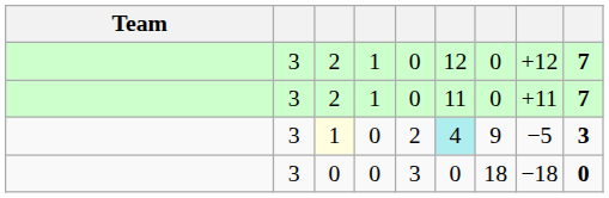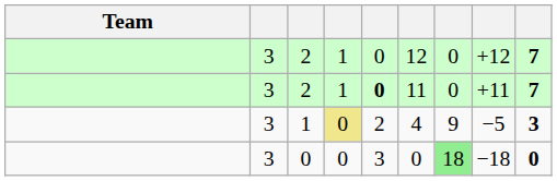 <table class="wikitable" style="text-align: center;">
 <tr>
 <th width="175">Team</th>
 <th width="20"></th>
 <th width="20"></th>
 <th width="20"></th>
 <th width="20"></th>
 <th width="20"></th>
 <th width="20"></th>
 <th width="20"></th>
 <th width="20"></th>
 </tr>
 <tr bgcolor=ccffcc>
 <td align=left></td>
 <td>3</td>
 <td>2</td>
 <td>1</td>
 <td>0</td>
 <td>12</td>
 <td>0</td>
 <td>+12</td>
 <td><strong>7</strong></td>
 </tr>
 <tr bgcolor=ccffcc>
 <td align=left><em></em></td>
 <td>3</td>
 <td>2</td>
 <td>1</td>
-<td>0</td>
+<td><strong>0</strong></td>
 <td>11</td>
 <td>0</td>
 <td>+11</td>
 <td><strong>7</strong></td>
 </tr>
 <tr>
 <td align=left></td>
 <td>3</td>
-<td style="background: lightyellow;">1</td>
-<td>0</td>
+<td>1</td>
+<td style="background: khaki;">0</td>
 <td>2</td>
-<td style="background: paleturquoise;">4</td>
+<td>4</td>
 <td>9</td>
 <td>−5</td>
 <td><strong>3</strong></td>
 </tr>
 <tr>
 <td align=left></td>
 <td>3</td>
 <td>0</td>
 <td>0</td>
 <td>3</td>
 <td>0</td>
-<td>18</td>
+<td style="background: lightgreen;">18</td>
 <td>−18</td>
 <td><strong>0</strong></td>
 </tr>
 </table>
